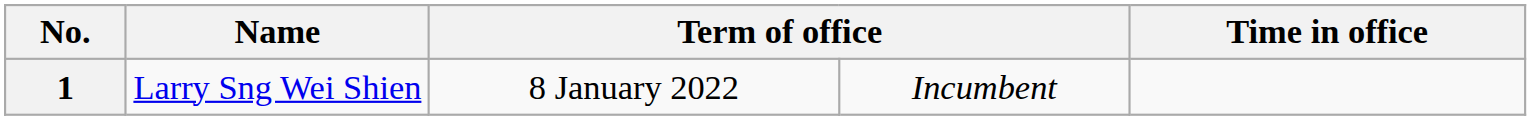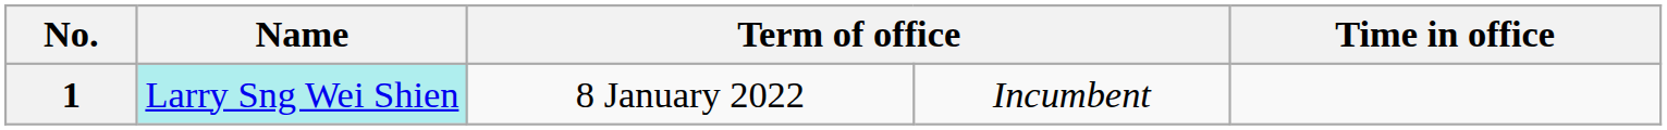 <table class="wikitable" style="text-align:center">
 <tr>
 <th>No.</th>
 <th width=20%>Name</th>
 <th colspan="2">Term of office</th>
 <th>Time in office</th>
 </tr>
 <tr>
 <th>1</th>
-<td><a href='#'>Larry Sng Wei Shien</a></td>
+<td style="background: paleturquoise;"><a href='#'>Larry Sng Wei Shien</a></td>
 <td>8 January 2022</td>
 <td><em>Incumbent</em></td>
 <td></td>
 </tr>
 </table>
